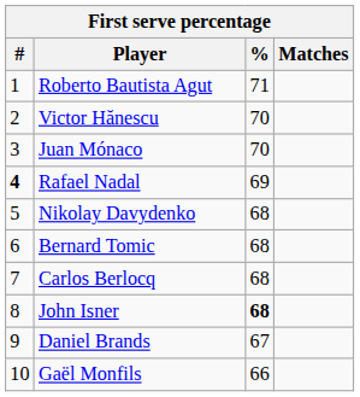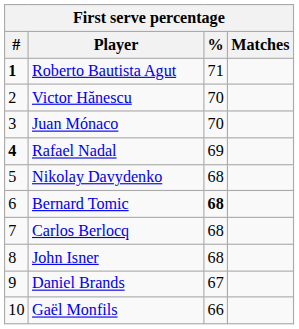 <table class="wikitable sortable" style=font-size:90%>
 <tr>
 <th colspan=4>First serve percentage</th>
 </tr>
 <tr>
 <th>#</th>
 <th width=150>Player</th>
 <th>%</th>
 <th>Matches</th>
 </tr>
 <tr bgcolor=>
-<td>1</td>
+<td><strong>1</strong></td>
 <td> <a href='#'>Roberto Bautista Agut</a></td>
 <td>71</td>
 <td></td>
 </tr>
 <tr>
 <td>2</td>
 <td> <a href='#'>Victor Hănescu</a></td>
 <td>70</td>
 <td></td>
 </tr>
 <tr bgcolor=>
 <td>3</td>
 <td> <a href='#'>Juan Mónaco</a></td>
 <td>70</td>
 <td></td>
 </tr>
 <tr>
 <td><strong>4</strong></td>
 <td> <a href='#'>Rafael Nadal</a></td>
 <td>69</td>
 <td></td>
 </tr>
 <tr bgcolor=>
 <td>5</td>
 <td> <a href='#'>Nikolay Davydenko</a></td>
 <td>68</td>
 <td></td>
 </tr>
 <tr>
 <td>6</td>
 <td> <a href='#'>Bernard Tomic</a></td>
-<td>68</td>
+<td><strong>68</strong></td>
 <td></td>
 </tr>
 <tr bgcolor=>
 <td>7</td>
 <td> <a href='#'>Carlos Berlocq</a></td>
 <td>68</td>
 <td></td>
 </tr>
 <tr>
 <td>8</td>
 <td> <a href='#'>John Isner</a></td>
-<td><strong>68</strong></td>
+<td>68</td>
 <td></td>
 </tr>
 <tr bgcolor=>
 <td>9</td>
 <td> <a href='#'>Daniel Brands</a></td>
 <td>67</td>
 <td></td>
 </tr>
 <tr>
 <td>10</td>
 <td> <a href='#'>Gaël Monfils</a></td>
 <td>66</td>
 <td></td>
 </tr>
 </table>
